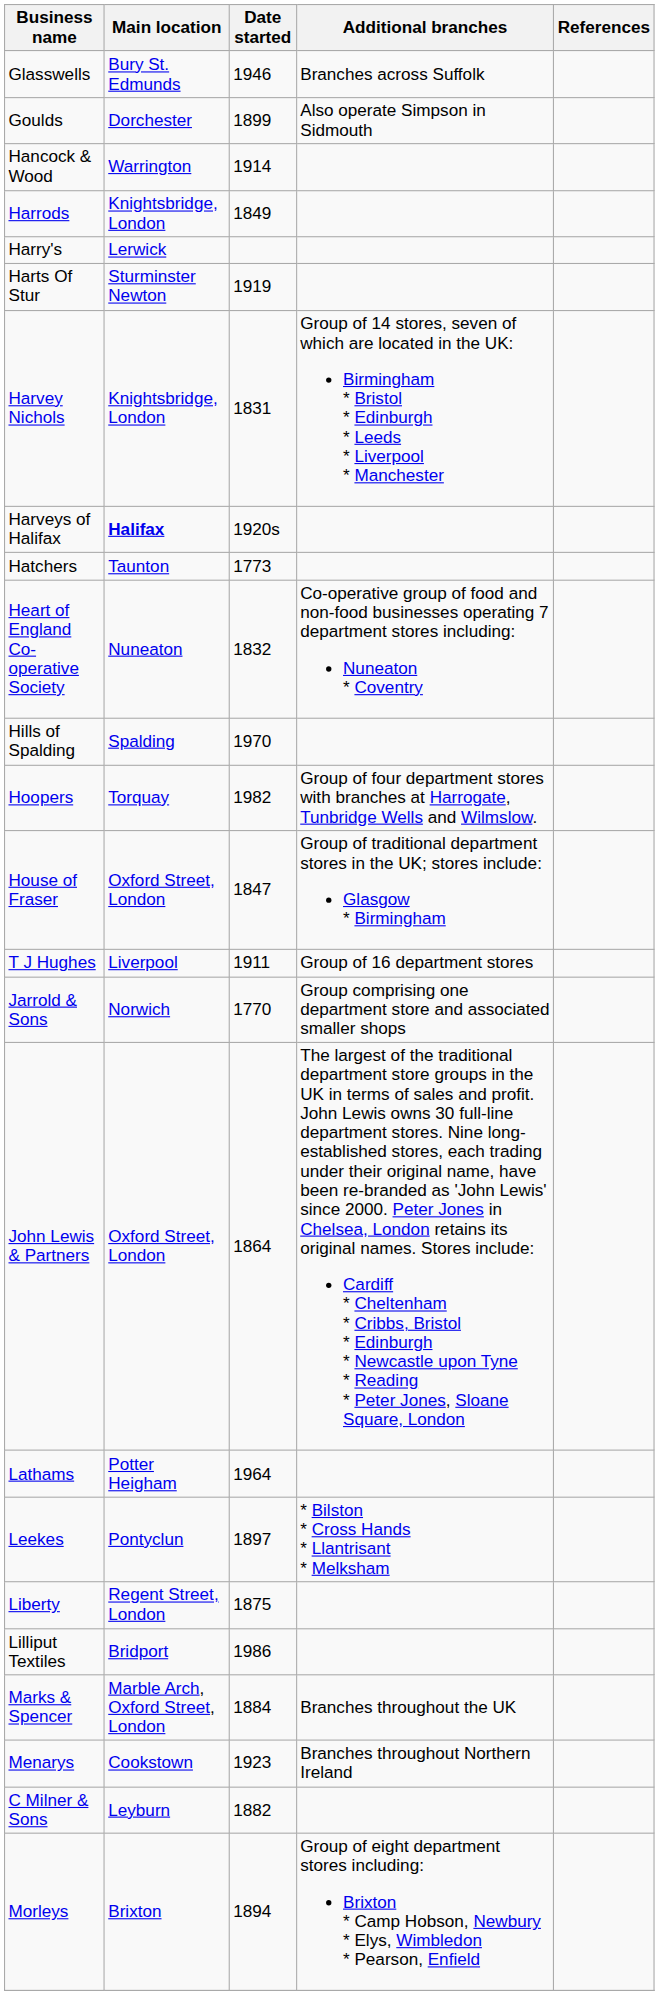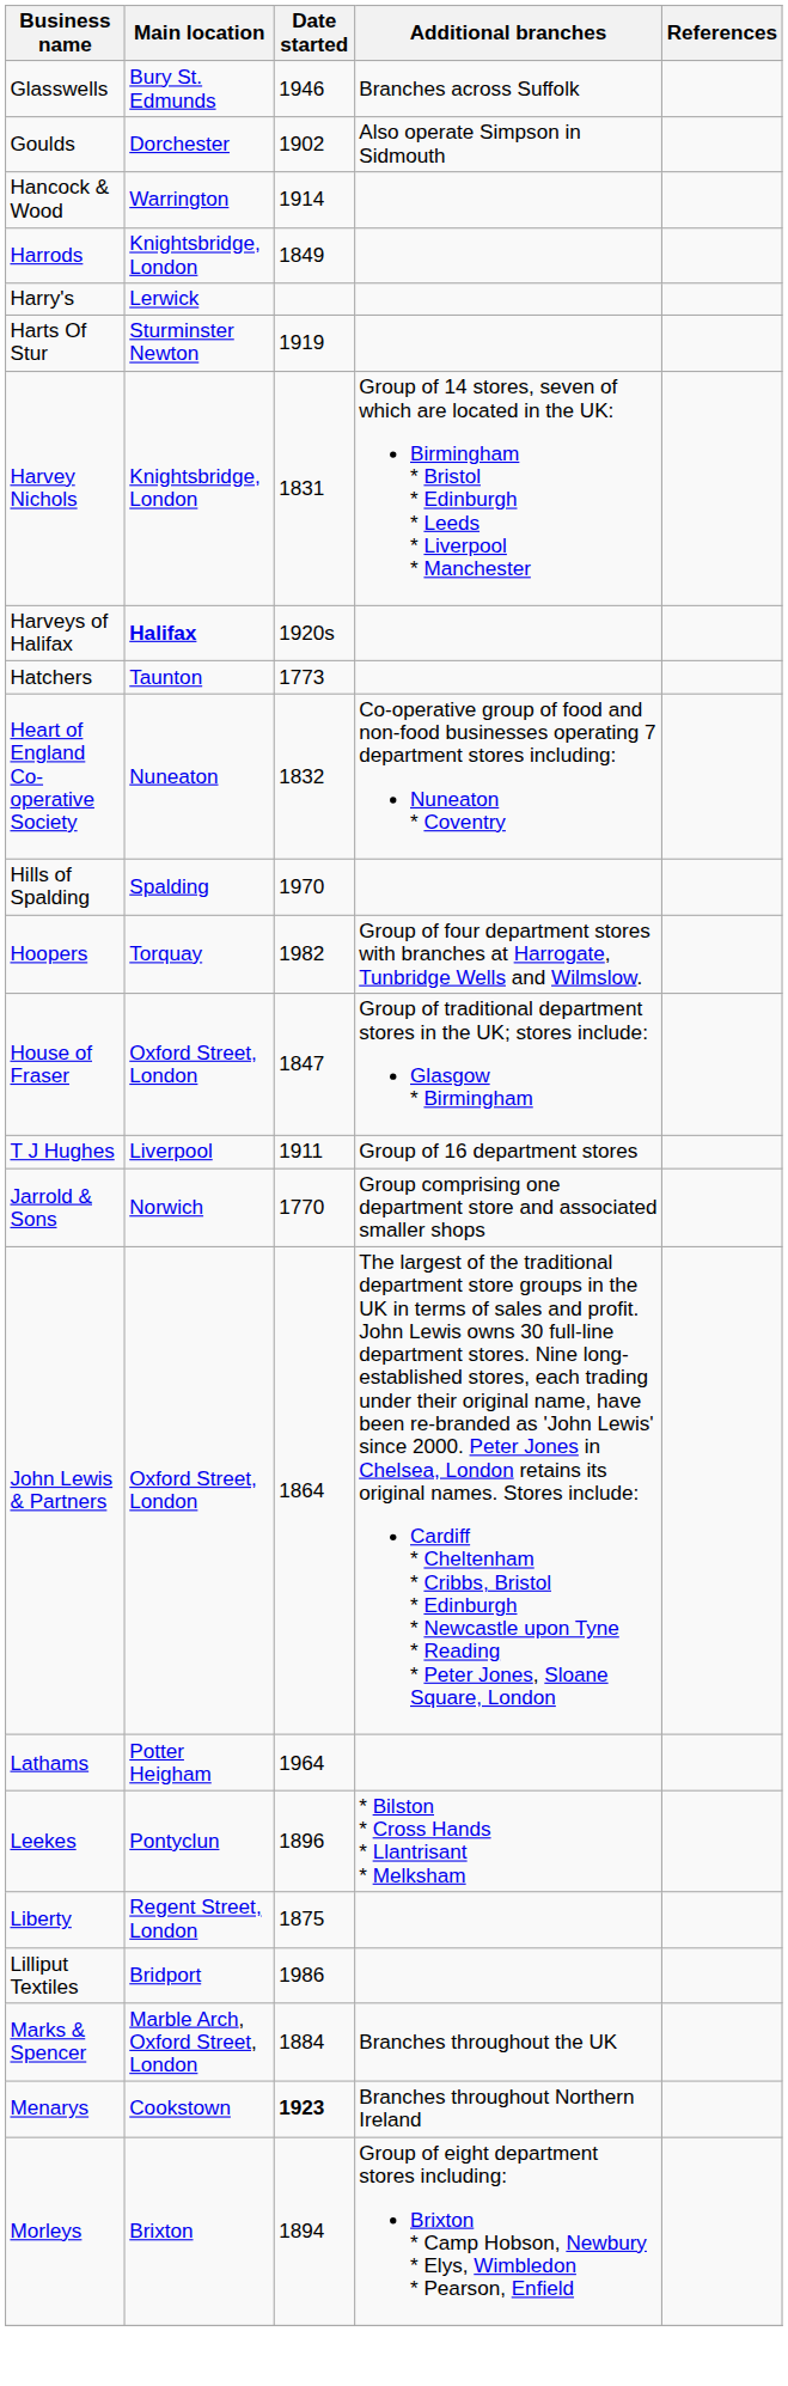 <table class="wikitable sortable">
 <tr>
 <th>Business name</th>
 <th>Main location</th>
 <th>Date started</th>
 <th>Additional branches</th>
 <th>References</th>
 </tr>
 <tr>
 <td>Glasswells</td>
 <td><a href='#'>Bury St. Edmunds</a></td>
 <td>1946</td>
 <td>Branches across Suffolk</td>
 <td></td>
 </tr>
 <tr>
 <td>Goulds</td>
 <td><a href='#'>Dorchester</a></td>
-<td>1899</td>
+<td>1902</td>
 <td>Also operate Simpson in Sidmouth</td>
 <td></td>
 </tr>
 <tr>
 <td>Hancock & Wood</td>
 <td><a href='#'>Warrington</a></td>
 <td>1914</td>
 <td></td>
 <td></td>
 </tr>
 <tr>
 <td><a href='#'>Harrods</a></td>
 <td><a href='#'>Knightsbridge, London</a></td>
 <td>1849</td>
 <td></td>
 <td></td>
 </tr>
 <tr>
 <td>Harry's</td>
 <td><a href='#'>Lerwick</a></td>
 <td></td>
 <td></td>
 <td></td>
 </tr>
 <tr>
 <td>Harts Of Stur</td>
 <td><a href='#'>Sturminster Newton</a></td>
 <td>1919</td>
 <td></td>
 <td></td>
 </tr>
 <tr>
 <td><a href='#'>Harvey Nichols</a></td>
 <td><a href='#'>Knightsbridge, London</a></td>
 <td>1831</td>
 <td>Group of 14 stores, seven of which are located in the UK:<br><ul><li><a href='#'>Birmingham</a><br>* <a href='#'>Bristol</a><br>* <a href='#'>Edinburgh</a><br>* <a href='#'>Leeds</a><br>* <a href='#'>Liverpool</a><br>* <a href='#'>Manchester</a></li></ul></td>
 <td></td>
 </tr>
 <tr>
 <td>Harveys of Halifax</td>
 <td><strong><a href='#'>Halifax</a></strong></td>
 <td>1920s</td>
 <td></td>
 <td></td>
 </tr>
 <tr>
 <td>Hatchers</td>
 <td><a href='#'>Taunton</a></td>
 <td>1773</td>
 <td></td>
 <td></td>
 </tr>
 <tr>
 <td><a href='#'>Heart of England Co-operative Society</a></td>
 <td><a href='#'>Nuneaton</a></td>
 <td>1832</td>
 <td>Co-operative group of food and non-food businesses operating 7 department stores including:<br><ul><li><a href='#'>Nuneaton</a><br> * <a href='#'>Coventry</a></li></ul></td>
 <td></td>
 </tr>
 <tr>
 <td>Hills of Spalding</td>
 <td><a href='#'>Spalding</a></td>
 <td>1970</td>
 <td></td>
 <td></td>
 </tr>
 <tr>
 <td><a href='#'>Hoopers</a></td>
 <td><a href='#'>Torquay</a></td>
 <td>1982</td>
 <td>Group of four department stores with branches at <a href='#'>Harrogate</a>, <a href='#'>Tunbridge Wells</a> and <a href='#'>Wilmslow</a>.</td>
 <td></td>
 </tr>
 <tr>
 <td><a href='#'>House of Fraser</a></td>
 <td><a href='#'>Oxford Street, London</a></td>
 <td>1847</td>
 <td>Group of traditional department stores in the UK; stores include:<br><ul><li><a href='#'>Glasgow</a><br> * <a href='#'>Birmingham</a></li></ul></td>
 <td></td>
 </tr>
 <tr>
 <td><a href='#'>T J Hughes</a></td>
 <td><a href='#'>Liverpool</a></td>
 <td>1911</td>
 <td>Group of 16 department stores</td>
 <td></td>
 </tr>
 <tr>
 <td><a href='#'>Jarrold & Sons</a></td>
 <td><a href='#'>Norwich</a></td>
 <td>1770</td>
 <td>Group comprising one department store and associated smaller shops</td>
 <td></td>
 </tr>
 <tr>
 <td><a href='#'>John Lewis & Partners</a></td>
 <td><a href='#'>Oxford Street, London</a></td>
 <td>1864</td>
 <td>The largest of the traditional department store groups in the UK in terms of sales and profit. John Lewis owns 30 full-line department stores. Nine long-established stores, each trading under their original name, have been re-branded as 'John Lewis' since 2000. <a href='#'>Peter Jones</a> in <a href='#'>Chelsea, London</a> retains its original names. Stores include:<br><ul><li><a href='#'>Cardiff</a><br> * <a href='#'>Cheltenham</a><br> * <a href='#'>Cribbs, Bristol</a><br> * <a href='#'>Edinburgh</a><br> * <a href='#'>Newcastle upon Tyne</a><br> * <a href='#'>Reading</a><br> * <a href='#'>Peter Jones</a>, <a href='#'>Sloane Square, London</a></li></ul></td>
 <td></td>
 </tr>
 <tr>
 <td><a href='#'>Lathams</a></td>
 <td><a href='#'>Potter Heigham</a></td>
 <td>1964</td>
 <td></td>
 <td></td>
 </tr>
 <tr>
 <td><a href='#'>Leekes</a></td>
 <td><a href='#'>Pontyclun</a></td>
-<td>1897</td>
+<td>1896</td>
 <td>* <a href='#'>Bilston</a><br> * <a href='#'>Cross Hands</a><br> * <a href='#'>Llantrisant</a> <br> * <a href='#'>Melksham</a></td>
 <td></td>
 </tr>
 <tr>
 <td><a href='#'>Liberty</a></td>
 <td><a href='#'>Regent Street, London</a></td>
 <td>1875</td>
 <td></td>
 <td></td>
 </tr>
 <tr>
 <td>Lilliput Textiles</td>
 <td><a href='#'>Bridport</a></td>
 <td>1986</td>
 <td></td>
 <td></td>
 </tr>
 <tr>
 <td><a href='#'>Marks & Spencer</a></td>
 <td><a href='#'>Marble Arch</a>, <a href='#'>Oxford Street</a>, <a href='#'>London</a></td>
 <td>1884</td>
 <td>Branches throughout the UK</td>
 <td></td>
 </tr>
 <tr>
 <td><a href='#'>Menarys</a></td>
 <td><a href='#'>Cookstown</a></td>
-<td>1923</td>
+<td><strong>1923</strong></td>
 <td>Branches throughout Northern Ireland</td>
-<td></td>
-</tr>
-<tr>
-<td><a href='#'>C Milner & Sons</a></td>
-<td><a href='#'>Leyburn</a></td>
-<td>1882</td>
-<td></td>
 <td></td>
 </tr>
 <tr>
 <td><a href='#'>Morleys</a></td>
 <td><a href='#'>Brixton</a></td>
 <td>1894</td>
 <td>Group of eight department stores including:<br><ul><li><a href='#'>Brixton</a><br> * Camp Hobson, <a href='#'>Newbury</a><br> * Elys, <a href='#'>Wimbledon</a><br> * Pearson, <a href='#'>Enfield</a></li></ul></td>
 <td></td>
 </tr>
 <tr>
 </tr>
 </table>
